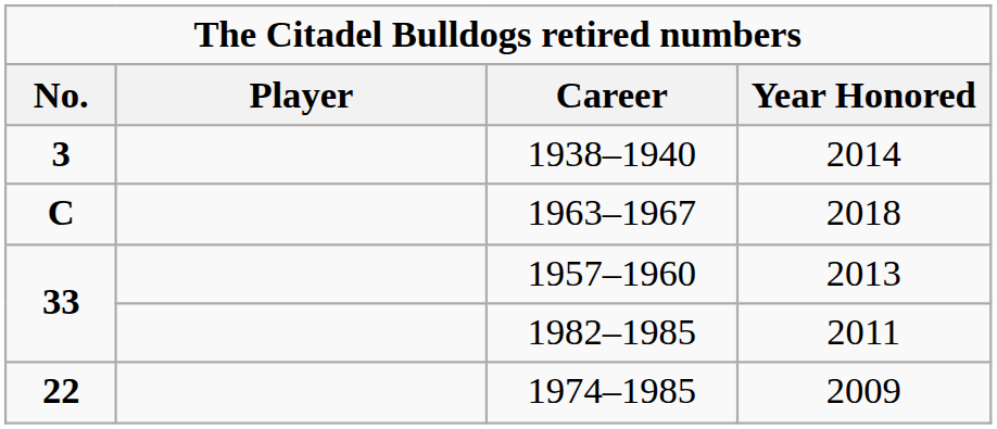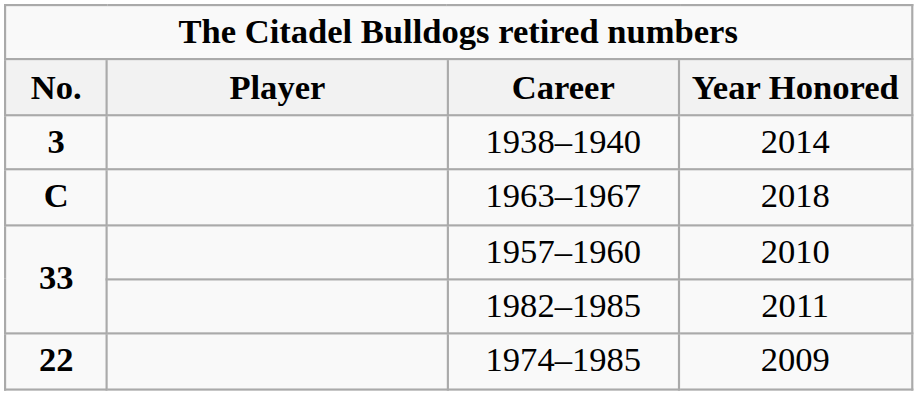 <table class="wikitable sortable" style="text-align:center">
 <tr>
 <td colspan="5"><strong>The Citadel Bulldogs retired numbers</strong></td>
 </tr>
 <tr>
 <th width=40px>No.</th>
 <th width=150px>Player</th>
 <th width=100px>Career</th>
 <th width=100px>Year Honored</th>
 </tr>
 <tr>
 <td><strong>3</strong></td>
 <td></td>
 <td>1938–1940</td>
 <td>2014</td>
 </tr>
 <tr>
 <td><strong>C</strong></td>
 <td></td>
 <td>1963–1967</td>
 <td>2018</td>
 </tr>
 <tr>
 <td rowspan=2><strong>33</strong></td>
 <td></td>
 <td>1957–1960</td>
-<td>2013</td>
+<td>2010</td>
 </tr>
 <tr>
 <td></td>
 <td>1982–1985</td>
 <td>2011</td>
 </tr>
 <tr>
 <td><strong>22</strong></td>
 <td></td>
 <td>1974–1985</td>
 <td>2009</td>
 </tr>
 </table>
